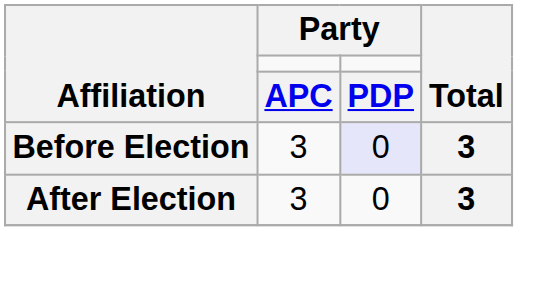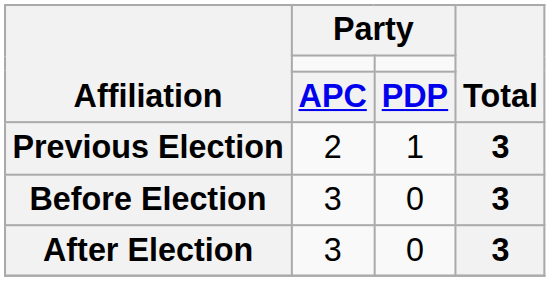 <table class=wikitable style="text-align:center">
 <tr style="vertical-align:bottom;">
 <th rowspan=3>Affiliation</th>
 <th colspan=2>Party</th>
 <th rowspan=3>Total</th>
 </tr>
 <tr>
 <td style="background-color:"></td>
 <td style="background-color:"></td>
 </tr>
 <tr>
 <th><a href='#'>APC</a></th>
 <th><a href='#'>PDP</a></th>
 </tr>
 <tr>
+<th>Previous Election</th>
+<td>2</td>
+<td>1</td>
+<th>3</th>
+</tr>
+<tr>
 <th>Before Election</th>
 <td>3</td>
-<td style="background: lavender;">0</td>
+<td>0</td>
 <th>3</th>
 </tr>
 <tr>
 <th>After Election</th>
 <td>3</td>
 <td>0</td>
 <th>3</th>
 </tr>
 <tr>
 </tr>
 </table>
